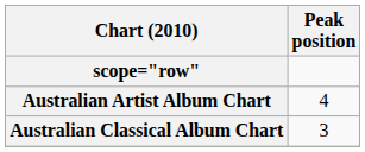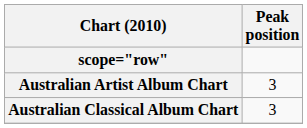 <table class="wikitable sortable plainrowheaders" style="text-align:center;">
 <tr>
 <th scope="col">Chart (2010)</th>
 <th scope="col">Peak<br>position</th>
 </tr>
 <tr>
 <th>scope="row"</th>
 </tr>
 <tr>
 <th scope="row">Australian Artist Album Chart</th>
-<td>4</td>
+<td>3</td>
 </tr>
 <tr>
 <th scope="row">Australian Classical Album Chart</th>
 <td>3</td>
 </tr>
 <tr>
 </tr>
 </table>
